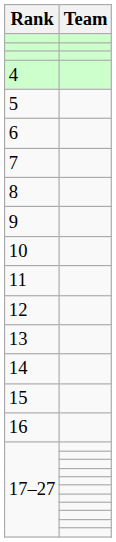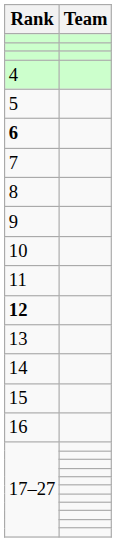 <table class="wikitable">
 <tr>
 <th>Rank</th>
 <th>Team</th>
 </tr>
 <tr bgcolor="#ccffcc">
 <td></td>
 <td></td>
 </tr>
 <tr bgcolor="#ccffcc">
 <td></td>
 <td></td>
 </tr>
 <tr bgcolor="#ccffcc">
 <td></td>
 <td></td>
 </tr>
 <tr bgcolor="#ccffcc">
 <td>4</td>
 <td></td>
 </tr>
 <tr>
 <td>5</td>
 <td></td>
 </tr>
 <tr>
-<td>6</td>
+<td><strong>6</strong></td>
 <td></td>
 </tr>
 <tr>
 <td>7</td>
 <td></td>
 </tr>
 <tr>
 <td>8</td>
 <td></td>
 </tr>
 <tr>
 <td>9</td>
 <td></td>
 </tr>
 <tr>
 <td>10</td>
 <td></td>
 </tr>
 <tr>
 <td>11</td>
 <td></td>
 </tr>
 <tr>
-<td>12</td>
+<td><strong>12</strong></td>
 <td></td>
 </tr>
 <tr>
 <td>13</td>
 <td></td>
 </tr>
 <tr>
 <td>14</td>
 <td></td>
 </tr>
 <tr>
 <td>15</td>
 <td></td>
 </tr>
 <tr>
 <td>16</td>
 <td></td>
 </tr>
 <tr>
 <td rowspan=11>17–27</td>
 <td></td>
 </tr>
 <tr>
 <td></td>
 </tr>
 <tr>
 <td></td>
 </tr>
 <tr>
 <td></td>
 </tr>
 <tr>
 <td></td>
 </tr>
 <tr>
 <td></td>
 </tr>
 <tr>
 <td></td>
 </tr>
 <tr>
 <td></td>
 </tr>
 <tr>
 <td></td>
 </tr>
 <tr>
 <td></td>
 </tr>
 <tr>
 <td></td>
 </tr>
 </table>
